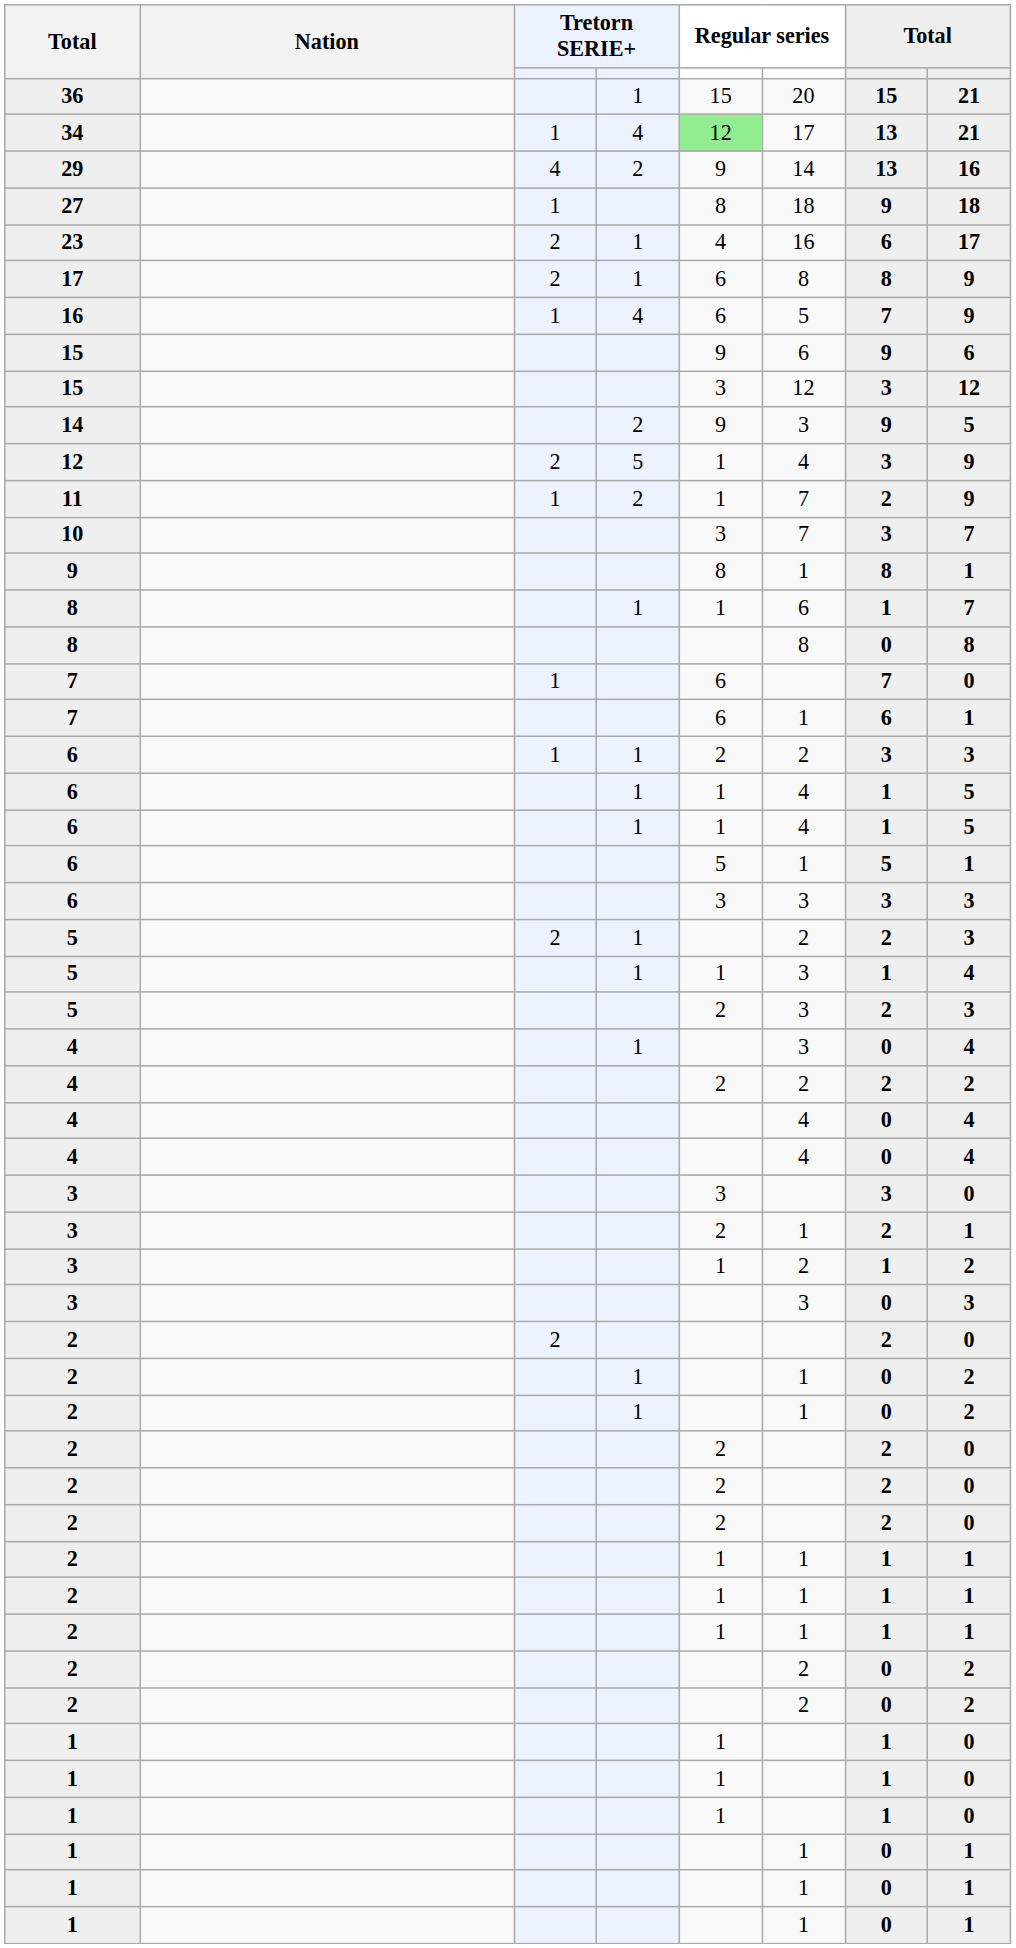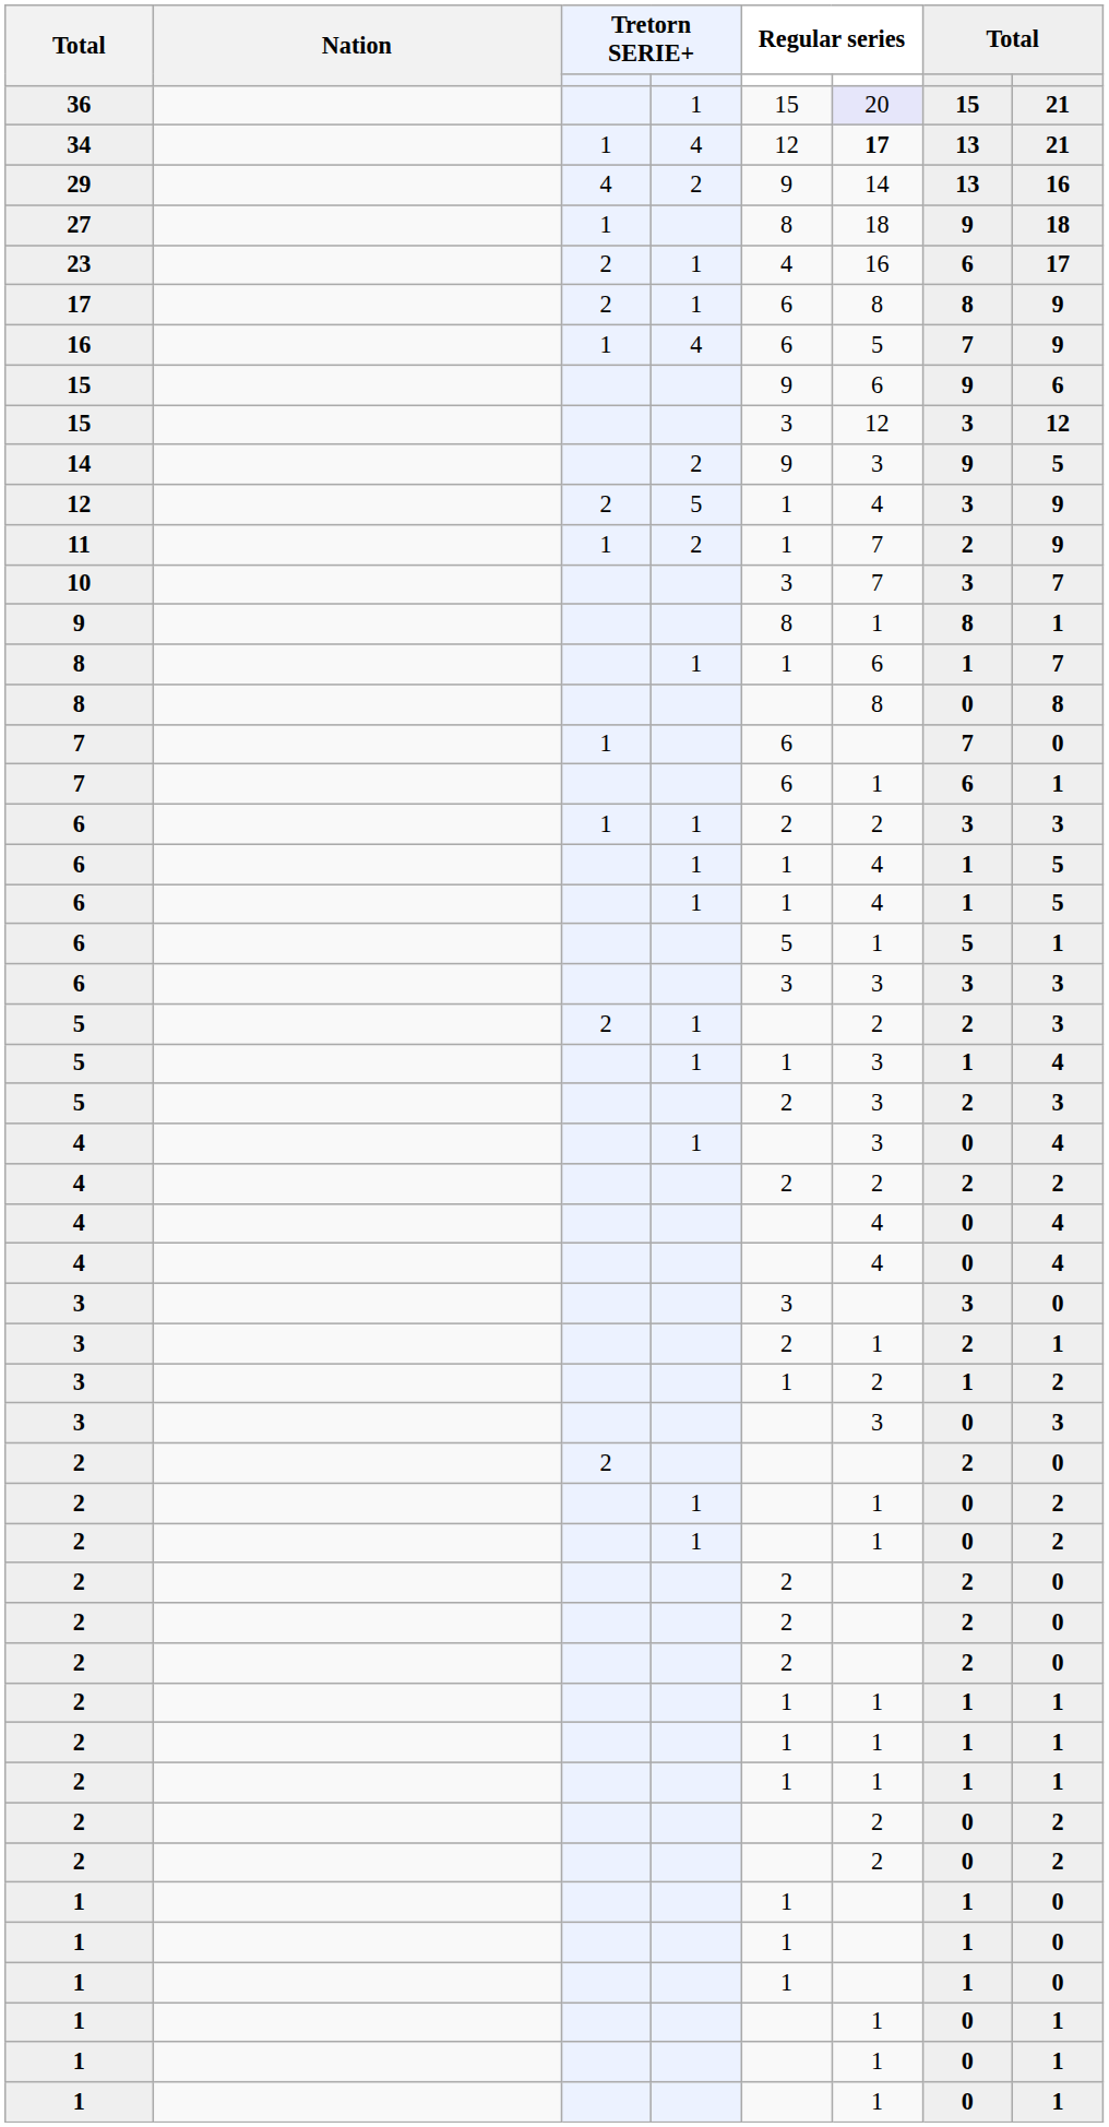 <table class="sortable wikitable" style="font-size:90%;">
 <tr>
 <th style="width:81px;" rowspan="2">Total</th>
 <th style="width:236px;" rowspan="2">Nation</th>
 <th style="background-color:#ECF2FF;" colspan="2">Tretorn SERIE+</th>
 <th style="background-color:#ffffff;" colspan="2">Regular series</th>
 <th style="background-color:#efefef;" colspan="3">Total</th>
 </tr>
 <tr>
 <th style="width:47px; background-color:#ECF2FF;"></th>
 <th style="width:47px; background-color:#ECF2FF;"></th>
 <th style="width:47px; background-color:#ffffff;"></th>
 <th style="width:47px; background-color:#ffffff;"></th>
 <th style="width:47px; background-color:#efefef;"></th>
 <th style="width:47px; background-color:#efefef;"></th>
 </tr>
 <tr align=center>
 <td bgcolor=#efefef><strong>36</strong></td>
 <td align=left></td>
 <td bgcolor="#ECF2FF"></td>
 <td bgcolor="#ECF2FF">1</td>
 <td>15</td>
-<td>20</td>
+<td style="background: lavender;">20</td>
 <td bgcolor=#efefef><strong>15</strong></td>
 <td bgcolor=#efefef><strong>21</strong></td>
 </tr>
 <tr align=center>
 <td bgcolor=#efefef><strong>34</strong></td>
 <td align=left></td>
 <td bgcolor="#ECF2FF">1</td>
 <td bgcolor="#ECF2FF">4</td>
-<td style="background: lightgreen;">12</td>
-<td>17</td>
+<td>12</td>
+<td><strong>17</strong></td>
 <td bgcolor=#efefef><strong>13</strong></td>
 <td bgcolor=#efefef><strong>21</strong></td>
 </tr>
 <tr align=center>
 <td bgcolor=#efefef><strong>29</strong></td>
 <td align=left></td>
 <td bgcolor="#ECF2FF">4</td>
 <td bgcolor="#ECF2FF">2</td>
 <td>9</td>
 <td>14</td>
 <td bgcolor=#efefef><strong>13</strong></td>
 <td bgcolor=#efefef><strong>16</strong></td>
 </tr>
 <tr align=center>
 <td bgcolor=#efefef><strong>27</strong></td>
 <td align=left></td>
 <td bgcolor="#ECF2FF">1</td>
 <td bgcolor="#ECF2FF"></td>
 <td>8</td>
 <td>18</td>
 <td bgcolor=#efefef><strong>9</strong></td>
 <td bgcolor=#efefef><strong>18</strong></td>
 </tr>
 <tr align=center>
 <td bgcolor=#efefef><strong>23</strong></td>
 <td align=left></td>
 <td bgcolor="#ECF2FF">2</td>
 <td bgcolor="#ECF2FF">1</td>
 <td>4</td>
 <td>16</td>
 <td bgcolor=#efefef><strong>6</strong></td>
 <td bgcolor=#efefef><strong>17</strong></td>
 </tr>
 <tr align=center>
 <td bgcolor=#efefef><strong>17</strong></td>
 <td align=left></td>
 <td bgcolor="#ECF2FF">2</td>
 <td bgcolor="#ECF2FF">1</td>
 <td>6</td>
 <td>8</td>
 <td bgcolor=#efefef><strong>8</strong></td>
 <td bgcolor=#efefef><strong>9</strong></td>
 </tr>
 <tr align=center>
 <td bgcolor=#efefef><strong>16</strong></td>
 <td align=left></td>
 <td bgcolor="#ECF2FF">1</td>
 <td bgcolor="#ECF2FF">4</td>
 <td>6</td>
 <td>5</td>
 <td bgcolor=#efefef><strong>7</strong></td>
 <td bgcolor=#efefef><strong>9</strong></td>
 </tr>
 <tr align=center>
 <td bgcolor=#efefef><strong>15</strong></td>
 <td align=left></td>
 <td bgcolor="#ECF2FF"></td>
 <td bgcolor="#ECF2FF"></td>
 <td>9</td>
 <td>6</td>
 <td bgcolor=#efefef><strong>9</strong></td>
 <td bgcolor=#efefef><strong>6</strong></td>
 </tr>
 <tr align=center>
 <td bgcolor=#efefef><strong>15</strong></td>
 <td align=left></td>
 <td bgcolor="#ECF2FF"></td>
 <td bgcolor="#ECF2FF"></td>
 <td>3</td>
 <td>12</td>
 <td bgcolor=#efefef><strong>3</strong></td>
 <td bgcolor=#efefef><strong>12</strong></td>
 </tr>
 <tr align=center>
 <td bgcolor=#efefef><strong>14</strong></td>
 <td align=left></td>
 <td bgcolor="#ECF2FF"></td>
 <td bgcolor="#ECF2FF">2</td>
 <td>9</td>
 <td>3</td>
 <td bgcolor=#efefef><strong>9</strong></td>
 <td bgcolor=#efefef><strong>5</strong></td>
 </tr>
 <tr align=center>
 <td bgcolor=#efefef><strong>12</strong></td>
 <td align=left></td>
 <td bgcolor="#ECF2FF">2</td>
 <td bgcolor="#ECF2FF">5</td>
 <td>1</td>
 <td>4</td>
 <td bgcolor=#efefef><strong>3</strong></td>
 <td bgcolor=#efefef><strong>9</strong></td>
 </tr>
 <tr align=center>
 <td bgcolor=#efefef><strong>11</strong></td>
 <td align=left></td>
 <td bgcolor="#ECF2FF">1</td>
 <td bgcolor="#ECF2FF">2</td>
 <td>1</td>
 <td>7</td>
 <td bgcolor=#efefef><strong>2</strong></td>
 <td bgcolor=#efefef><strong>9</strong></td>
 </tr>
 <tr align=center>
 <td bgcolor=#efefef><strong>10</strong></td>
 <td align=left></td>
 <td bgcolor="#ECF2FF"></td>
 <td bgcolor="#ECF2FF"></td>
 <td>3</td>
 <td>7</td>
 <td bgcolor=#efefef><strong>3</strong></td>
 <td bgcolor=#efefef><strong>7</strong></td>
 </tr>
 <tr align=center>
 <td bgcolor=#efefef><strong>9</strong></td>
 <td align=left></td>
 <td bgcolor="#ECF2FF"></td>
 <td bgcolor="#ECF2FF"></td>
 <td>8</td>
 <td>1</td>
 <td bgcolor=#efefef><strong>8</strong></td>
 <td bgcolor=#efefef><strong>1</strong></td>
 </tr>
 <tr align=center>
 <td bgcolor=#efefef><strong>8</strong></td>
 <td align=left></td>
 <td bgcolor="#ECF2FF"></td>
 <td bgcolor="#ECF2FF">1</td>
 <td>1</td>
 <td>6</td>
 <td bgcolor=#efefef><strong>1</strong></td>
 <td bgcolor=#efefef><strong>7</strong></td>
 </tr>
 <tr align=center>
 <td bgcolor=#efefef><strong>8</strong></td>
 <td align=left></td>
 <td bgcolor="#ECF2FF"></td>
 <td bgcolor="#ECF2FF"></td>
 <td></td>
 <td>8</td>
 <td bgcolor=#efefef><strong>0</strong></td>
 <td bgcolor=#efefef><strong>8</strong></td>
 </tr>
 <tr align=center>
 <td bgcolor=#efefef><strong>7</strong></td>
 <td align=left></td>
 <td bgcolor="#ECF2FF">1</td>
 <td bgcolor="#ECF2FF"></td>
 <td>6</td>
 <td></td>
 <td bgcolor=#efefef><strong>7</strong></td>
 <td bgcolor=#efefef><strong>0</strong></td>
 </tr>
 <tr align=center>
 <td bgcolor=#efefef><strong>7</strong></td>
 <td align=left></td>
 <td bgcolor="#ECF2FF"></td>
 <td bgcolor="#ECF2FF"></td>
 <td>6</td>
 <td>1</td>
 <td bgcolor=#efefef><strong>6</strong></td>
 <td bgcolor=#efefef><strong>1</strong></td>
 </tr>
 <tr align=center>
 <td bgcolor=#efefef><strong>6</strong></td>
 <td align=left></td>
 <td bgcolor="#ECF2FF">1</td>
 <td bgcolor="#ECF2FF">1</td>
 <td>2</td>
 <td>2</td>
 <td bgcolor=#efefef><strong>3</strong></td>
 <td bgcolor=#efefef><strong>3</strong></td>
 </tr>
 <tr align=center>
 <td bgcolor=#efefef><strong>6</strong></td>
 <td align=left></td>
 <td bgcolor="#ECF2FF"></td>
 <td bgcolor="#ECF2FF">1</td>
 <td>1</td>
 <td>4</td>
 <td bgcolor=#efefef><strong>1</strong></td>
 <td bgcolor=#efefef><strong>5</strong></td>
 </tr>
 <tr align=center>
 <td bgcolor=#efefef><strong>6</strong></td>
 <td align=left></td>
 <td bgcolor="#ECF2FF"></td>
 <td bgcolor="#ECF2FF">1</td>
 <td>1</td>
 <td>4</td>
 <td bgcolor=#efefef><strong>1</strong></td>
 <td bgcolor=#efefef><strong>5</strong></td>
 </tr>
 <tr align=center>
 <td bgcolor=#efefef><strong>6</strong></td>
 <td align=left></td>
 <td bgcolor="#ECF2FF"></td>
 <td bgcolor="#ECF2FF"></td>
 <td>5</td>
 <td>1</td>
 <td bgcolor=#efefef><strong>5</strong></td>
 <td bgcolor=#efefef><strong>1</strong></td>
 </tr>
 <tr align=center>
 <td bgcolor=#efefef><strong>6</strong></td>
 <td align=left></td>
 <td bgcolor="#ECF2FF"></td>
 <td bgcolor="#ECF2FF"></td>
 <td>3</td>
 <td>3</td>
 <td bgcolor=#efefef><strong>3</strong></td>
 <td bgcolor=#efefef><strong>3</strong></td>
 </tr>
 <tr align=center>
 <td bgcolor=#efefef><strong>5</strong></td>
 <td align=left></td>
 <td bgcolor="#ECF2FF">2</td>
 <td bgcolor="#ECF2FF">1</td>
 <td></td>
 <td>2</td>
 <td bgcolor=#efefef><strong>2</strong></td>
 <td bgcolor=#efefef><strong>3</strong></td>
 </tr>
 <tr align=center>
 <td bgcolor=#efefef><strong>5</strong></td>
 <td align=left></td>
 <td bgcolor="#ECF2FF"></td>
 <td bgcolor="#ECF2FF">1</td>
 <td>1</td>
 <td>3</td>
 <td bgcolor=#efefef><strong>1</strong></td>
 <td bgcolor=#efefef><strong>4</strong></td>
 </tr>
 <tr align=center>
 <td bgcolor=#efefef><strong>5</strong></td>
 <td align=left></td>
 <td bgcolor="#ECF2FF"></td>
 <td bgcolor="#ECF2FF"></td>
 <td>2</td>
 <td>3</td>
 <td bgcolor=#efefef><strong>2</strong></td>
 <td bgcolor=#efefef><strong>3</strong></td>
 </tr>
 <tr align=center>
 <td bgcolor=#efefef><strong>4</strong></td>
 <td align=left></td>
 <td bgcolor="#ECF2FF"></td>
 <td bgcolor="#ECF2FF">1</td>
 <td></td>
 <td>3</td>
 <td bgcolor=#efefef><strong>0</strong></td>
 <td bgcolor=#efefef><strong>4</strong></td>
 </tr>
 <tr align=center>
 <td bgcolor=#efefef><strong>4</strong></td>
 <td align=left></td>
 <td bgcolor="#ECF2FF"></td>
 <td bgcolor="#ECF2FF"></td>
 <td>2</td>
 <td>2</td>
 <td bgcolor=#efefef><strong>2</strong></td>
 <td bgcolor=#efefef><strong>2</strong></td>
 </tr>
 <tr align=center>
 <td bgcolor=#efefef><strong>4</strong></td>
 <td align=left></td>
 <td bgcolor="#ECF2FF"></td>
 <td bgcolor="#ECF2FF"></td>
 <td></td>
 <td>4</td>
 <td bgcolor=#efefef><strong>0</strong></td>
 <td bgcolor=#efefef><strong>4</strong></td>
 </tr>
 <tr align=center>
 <td bgcolor=#efefef><strong>4</strong></td>
 <td align=left></td>
 <td bgcolor="#ECF2FF"></td>
 <td bgcolor="#ECF2FF"></td>
 <td></td>
 <td>4</td>
 <td bgcolor=#efefef><strong>0</strong></td>
 <td bgcolor=#efefef><strong>4</strong></td>
 </tr>
 <tr align=center>
 <td bgcolor=#efefef><strong>3</strong></td>
 <td align=left></td>
 <td bgcolor="#ECF2FF"></td>
 <td bgcolor="#ECF2FF"></td>
 <td>3</td>
 <td></td>
 <td bgcolor=#efefef><strong>3</strong></td>
 <td bgcolor=#efefef><strong>0</strong></td>
 </tr>
 <tr align=center>
 <td bgcolor=#efefef><strong>3</strong></td>
 <td align=left></td>
 <td bgcolor="#ECF2FF"></td>
 <td bgcolor="#ECF2FF"></td>
 <td>2</td>
 <td>1</td>
 <td bgcolor=#efefef><strong>2</strong></td>
 <td bgcolor=#efefef><strong>1</strong></td>
 </tr>
 <tr align=center>
 <td bgcolor=#efefef><strong>3</strong></td>
 <td align=left></td>
 <td bgcolor="#ECF2FF"></td>
 <td bgcolor="#ECF2FF"></td>
 <td>1</td>
 <td>2</td>
 <td bgcolor=#efefef><strong>1</strong></td>
 <td bgcolor=#efefef><strong>2</strong></td>
 </tr>
 <tr align=center>
 <td bgcolor=#efefef><strong>3</strong></td>
 <td align=left></td>
 <td bgcolor="#ECF2FF"></td>
 <td bgcolor="#ECF2FF"></td>
 <td></td>
 <td>3</td>
 <td bgcolor=#efefef><strong>0</strong></td>
 <td bgcolor=#efefef><strong>3</strong></td>
 </tr>
 <tr align=center>
 <td bgcolor=#efefef><strong>2</strong></td>
 <td align=left></td>
 <td bgcolor="#ECF2FF">2</td>
 <td bgcolor="#ECF2FF"></td>
 <td></td>
 <td></td>
 <td bgcolor=#efefef><strong>2</strong></td>
 <td bgcolor=#efefef><strong>0</strong></td>
 </tr>
 <tr align=center>
 <td bgcolor=#efefef><strong>2</strong></td>
 <td align=left></td>
 <td bgcolor="#ECF2FF"></td>
 <td bgcolor="#ECF2FF">1</td>
 <td></td>
 <td>1</td>
 <td bgcolor=#efefef><strong>0</strong></td>
 <td bgcolor=#efefef><strong>2</strong></td>
 </tr>
 <tr align=center>
 <td bgcolor=#efefef><strong>2</strong></td>
 <td align=left></td>
 <td bgcolor="#ECF2FF"></td>
 <td bgcolor="#ECF2FF">1</td>
 <td></td>
 <td>1</td>
 <td bgcolor=#efefef><strong>0</strong></td>
 <td bgcolor=#efefef><strong>2</strong></td>
 </tr>
 <tr align=center>
 <td bgcolor=#efefef><strong>2</strong></td>
 <td align=left></td>
 <td bgcolor="#ECF2FF"></td>
 <td bgcolor="#ECF2FF"></td>
 <td>2</td>
 <td></td>
 <td bgcolor=#efefef><strong>2</strong></td>
 <td bgcolor=#efefef><strong>0</strong></td>
 </tr>
 <tr align=center>
 <td bgcolor=#efefef><strong>2</strong></td>
 <td align=left></td>
 <td bgcolor="#ECF2FF"></td>
 <td bgcolor="#ECF2FF"></td>
 <td>2</td>
 <td></td>
 <td bgcolor=#efefef><strong>2</strong></td>
 <td bgcolor=#efefef><strong>0</strong></td>
 </tr>
 <tr align=center>
 <td bgcolor=#efefef><strong>2</strong></td>
 <td align=left></td>
 <td bgcolor="#ECF2FF"></td>
 <td bgcolor="#ECF2FF"></td>
 <td>2</td>
 <td></td>
 <td bgcolor=#efefef><strong>2</strong></td>
 <td bgcolor=#efefef><strong>0</strong></td>
 </tr>
 <tr align=center>
 <td bgcolor=#efefef><strong>2</strong></td>
 <td align=left></td>
 <td bgcolor="#ECF2FF"></td>
 <td bgcolor="#ECF2FF"></td>
 <td>1</td>
 <td>1</td>
 <td bgcolor=#efefef><strong>1</strong></td>
 <td bgcolor=#efefef><strong>1</strong></td>
 </tr>
 <tr align=center>
 <td bgcolor=#efefef><strong>2</strong></td>
 <td align=left></td>
 <td bgcolor="#ECF2FF"></td>
 <td bgcolor="#ECF2FF"></td>
 <td>1</td>
 <td>1</td>
 <td bgcolor=#efefef><strong>1</strong></td>
 <td bgcolor=#efefef><strong>1</strong></td>
 </tr>
 <tr align=center>
 <td bgcolor=#efefef><strong>2</strong></td>
 <td align=left></td>
 <td bgcolor="#ECF2FF"></td>
 <td bgcolor="#ECF2FF"></td>
 <td>1</td>
 <td>1</td>
 <td bgcolor=#efefef><strong>1</strong></td>
 <td bgcolor=#efefef><strong>1</strong></td>
 </tr>
 <tr align=center>
 <td bgcolor=#efefef><strong>2</strong></td>
 <td align=left></td>
 <td bgcolor="#ECF2FF"></td>
 <td bgcolor="#ECF2FF"></td>
 <td></td>
 <td>2</td>
 <td bgcolor=#efefef><strong>0</strong></td>
 <td bgcolor=#efefef><strong>2</strong></td>
 </tr>
 <tr align=center>
 <td bgcolor=#efefef><strong>2</strong></td>
 <td align=left></td>
 <td bgcolor="#ECF2FF"></td>
 <td bgcolor="#ECF2FF"></td>
 <td></td>
 <td>2</td>
 <td bgcolor=#efefef><strong>0</strong></td>
 <td bgcolor=#efefef><strong>2</strong></td>
 </tr>
 <tr align=center>
 <td bgcolor=#efefef><strong>1</strong></td>
 <td align=left></td>
 <td bgcolor="#ECF2FF"></td>
 <td bgcolor="#ECF2FF"></td>
 <td>1</td>
 <td></td>
 <td bgcolor=#efefef><strong>1</strong></td>
 <td bgcolor=#efefef><strong>0</strong></td>
 </tr>
 <tr align=center>
 <td bgcolor=#efefef><strong>1</strong></td>
 <td align=left></td>
 <td bgcolor="#ECF2FF"></td>
 <td bgcolor="#ECF2FF"></td>
 <td>1</td>
 <td></td>
 <td bgcolor=#efefef><strong>1</strong></td>
 <td bgcolor=#efefef><strong>0</strong></td>
 </tr>
 <tr align=center>
 <td bgcolor=#efefef><strong>1</strong></td>
 <td align=left></td>
 <td bgcolor="#ECF2FF"></td>
 <td bgcolor="#ECF2FF"></td>
 <td>1</td>
 <td></td>
 <td bgcolor=#efefef><strong>1</strong></td>
 <td bgcolor=#efefef><strong>0</strong></td>
 </tr>
 <tr align=center>
 <td bgcolor=#efefef><strong>1</strong></td>
 <td align=left></td>
 <td bgcolor="#ECF2FF"></td>
 <td bgcolor="#ECF2FF"></td>
 <td></td>
 <td>1</td>
 <td bgcolor=#efefef><strong>0</strong></td>
 <td bgcolor=#efefef><strong>1</strong></td>
 </tr>
 <tr align=center>
 <td bgcolor=#efefef><strong>1</strong></td>
 <td align=left></td>
 <td bgcolor="#ECF2FF"></td>
 <td bgcolor="#ECF2FF"></td>
 <td></td>
 <td>1</td>
 <td bgcolor=#efefef><strong>0</strong></td>
 <td bgcolor=#efefef><strong>1</strong></td>
 </tr>
 <tr align=center>
 <td bgcolor=#efefef><strong>1</strong></td>
 <td align=left></td>
 <td bgcolor="#ECF2FF"></td>
 <td bgcolor="#ECF2FF"></td>
 <td></td>
 <td>1</td>
 <td bgcolor=#efefef><strong>0</strong></td>
 <td bgcolor=#efefef><strong>1</strong></td>
 </tr>
 </table>
